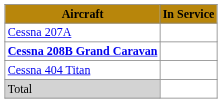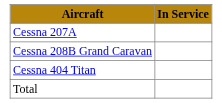 <table class="toccolours" border="1" cellpadding="3" style="margin:1em auto; border-collapse:collapse">
 <tr bgcolor=#B8860B>
 <th><span>Aircraft</span></th>
 <th><span>In Service</span></th>
 </tr>
 <tr>
 <td><a href='#'>Cessna 207A</a></td>
 <td></td>
 </tr>
 <tr>
-<td><strong><a href='#'>Cessna 208B Grand Caravan</a></strong></td>
+<td><a href='#'>Cessna 208B Grand Caravan</a></td>
 <td></td>
 </tr>
 <tr>
 <td><a href='#'>Cessna 404 Titan</a></td>
 <td></td>
 </tr>
 <tr>
-<td style="background: lightgrey;">Total</td>
+<td>Total</td>
 <th></th>
 </tr>
 </table>
